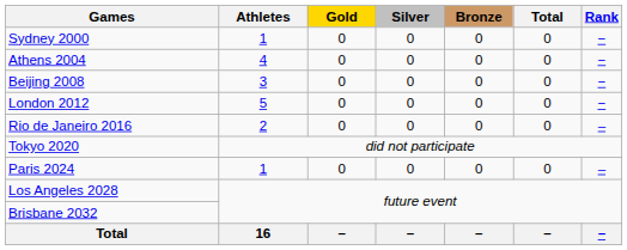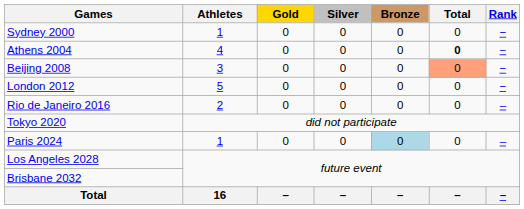 <table class="wikitable" style="text-align:center; font-size:90%;">
 <tr>
 <th style="width:15em;">Games</th>
 <th style="width:6em;">Athletes</th>
 <td style="background:gold; width:4.5em; font-weight:bold;">Gold</td>
 <td style="background:silver; width:4.5em; font-weight:bold;">Silver</td>
 <td style="background:#cc9966; width:4.5em; font-weight:bold;">Bronze</td>
 <th style="width:4.5em;">Total</th>
 <th style="width:2em;"><a href='#'>Rank</a></th>
 </tr>
 <tr>
 <td align=left> <a href='#'>Sydney 2000</a></td>
 <td><a href='#'>1</a></td>
 <td>0</td>
 <td>0</td>
 <td>0</td>
 <td>0</td>
 <td><a href='#'>−</a></td>
 </tr>
 <tr>
 <td align=left> <a href='#'>Athens 2004</a></td>
 <td><a href='#'>4</a></td>
 <td>0</td>
 <td>0</td>
 <td>0</td>
-<td>0</td>
+<td><strong>0</strong></td>
 <td><a href='#'>−</a></td>
 </tr>
 <tr>
 <td align=left> <a href='#'>Beijing 2008</a></td>
 <td><a href='#'>3</a></td>
 <td>0</td>
 <td>0</td>
 <td>0</td>
-<td>0</td>
+<td style="background: lightsalmon;">0</td>
 <td><a href='#'>−</a></td>
 </tr>
 <tr>
 <td align=left> <a href='#'>London 2012</a></td>
 <td><a href='#'>5</a></td>
 <td>0</td>
 <td>0</td>
 <td>0</td>
 <td>0</td>
 <td><a href='#'>−</a></td>
 </tr>
 <tr>
 <td align=left> <a href='#'>Rio de Janeiro 2016</a></td>
 <td><a href='#'>2</a></td>
 <td>0</td>
 <td>0</td>
 <td>0</td>
 <td>0</td>
 <td><a href='#'>–</a></td>
 </tr>
 <tr>
 <td align=left> <a href='#'>Tokyo 2020</a></td>
 <td colspan=6><em>did not participate</em></td>
 </tr>
 <tr>
 <td align=left> <a href='#'>Paris 2024</a></td>
 <td><a href='#'>1</a></td>
 <td>0</td>
 <td>0</td>
-<td>0</td>
+<td style="background: lightblue;">0</td>
 <td>0</td>
 <td><a href='#'>–</a></td>
 </tr>
 <tr>
 <td align=left> <a href='#'>Los Angeles 2028</a></td>
 <td colspan=6 rowspan=2><em>future event</em></td>
 </tr>
 <tr>
 <td align=left> <a href='#'>Brisbane 2032</a></td>
 </tr>
 <tr>
 <th>Total</th>
 <th>16</th>
 <th>–</th>
 <th>–</th>
 <th>–</th>
 <th>–</th>
 <th><a href='#'>–</a></th>
 </tr>
 </table>
